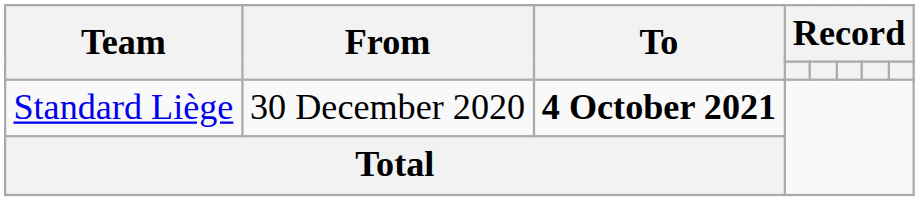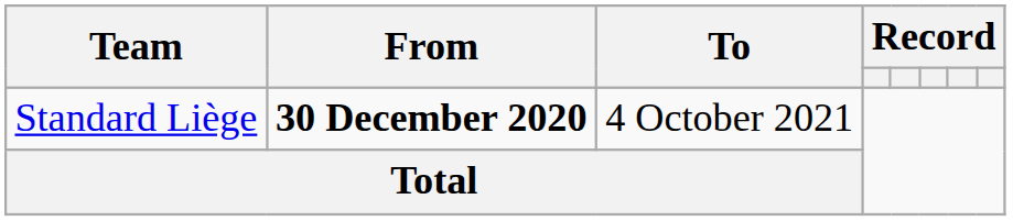 <table class=wikitable style=text-align:center>
 <tr>
 <th rowspan=2>Team</th>
 <th rowspan=2>From</th>
 <th rowspan=2>To</th>
 <th colspan=8>Record</th>
 </tr>
 <tr>
 <th></th>
 <th></th>
 <th></th>
 <th></th>
 <th></th>
 </tr>
 <tr>
 <td align=left><a href='#'>Standard Liège</a></td>
-<td align=left>30 December 2020</td>
-<td align=left><strong>4 October 2021<br></strong></td>
+<td align=left><strong>30 December 2020</strong></td>
+<td align=left>4 October 2021<br></td>
 </tr>
 <tr>
 <th colspan="3">Total<br></th>
 </tr>
 </table>
